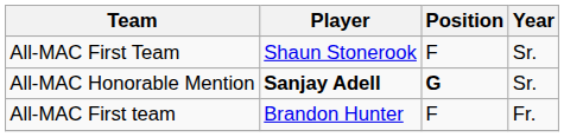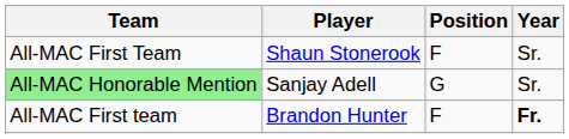 <table class="wikitable" border="1">
 <tr align=center>
 <th style= >Team</th>
 <th style= >Player</th>
 <th style= >Position</th>
 <th style= >Year</th>
 </tr>
 <tr align="center">
 </tr>
 <tr>
 <td>All-MAC First Team</td>
 <td><a href='#'>Shaun Stonerook</a></td>
 <td>F</td>
 <td>Sr.</td>
 </tr>
 <tr>
-<td>All-MAC Honorable Mention</td>
-<td><strong>Sanjay Adell</strong></td>
-<td><strong>G</strong></td>
+<td style="background: lightgreen;">All-MAC Honorable Mention</td>
+<td>Sanjay Adell</td>
+<td>G</td>
 <td>Sr.</td>
 </tr>
 <tr>
 <td>All-MAC First team</td>
 <td><a href='#'>Brandon Hunter</a></td>
 <td>F</td>
-<td>Fr.</td>
+<td><strong>Fr.</strong></td>
 </tr>
 <tr>
 </tr>
 <tr>
 </tr>
 </table>
